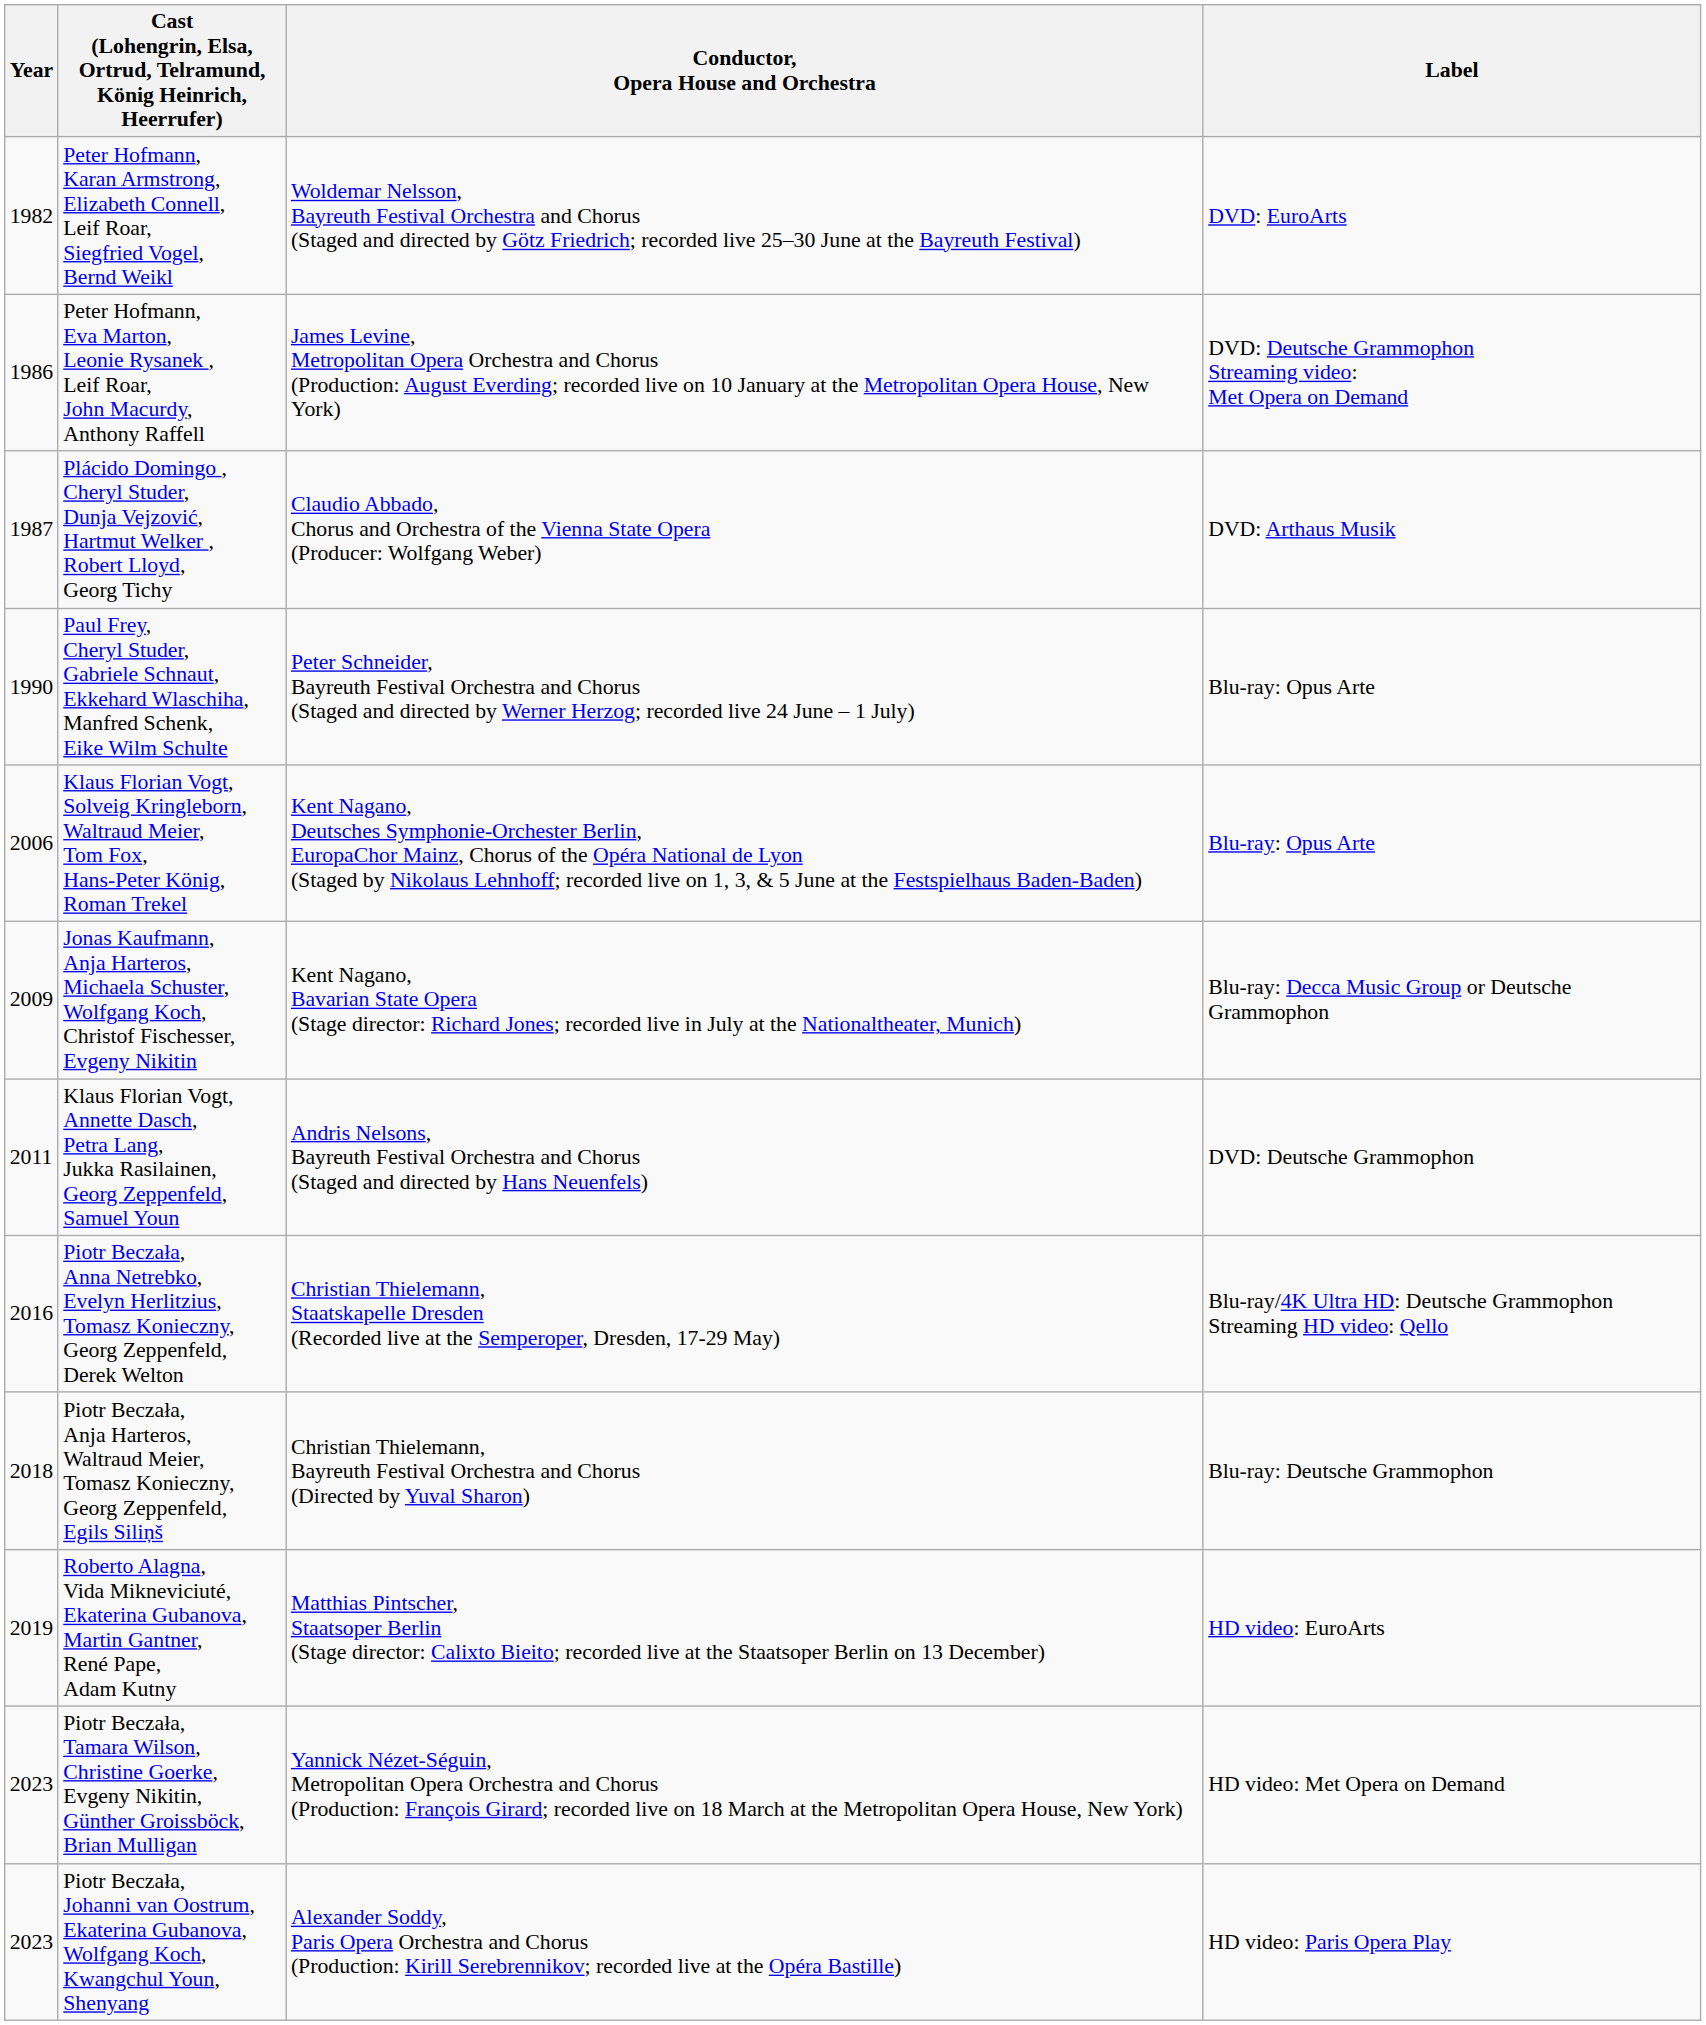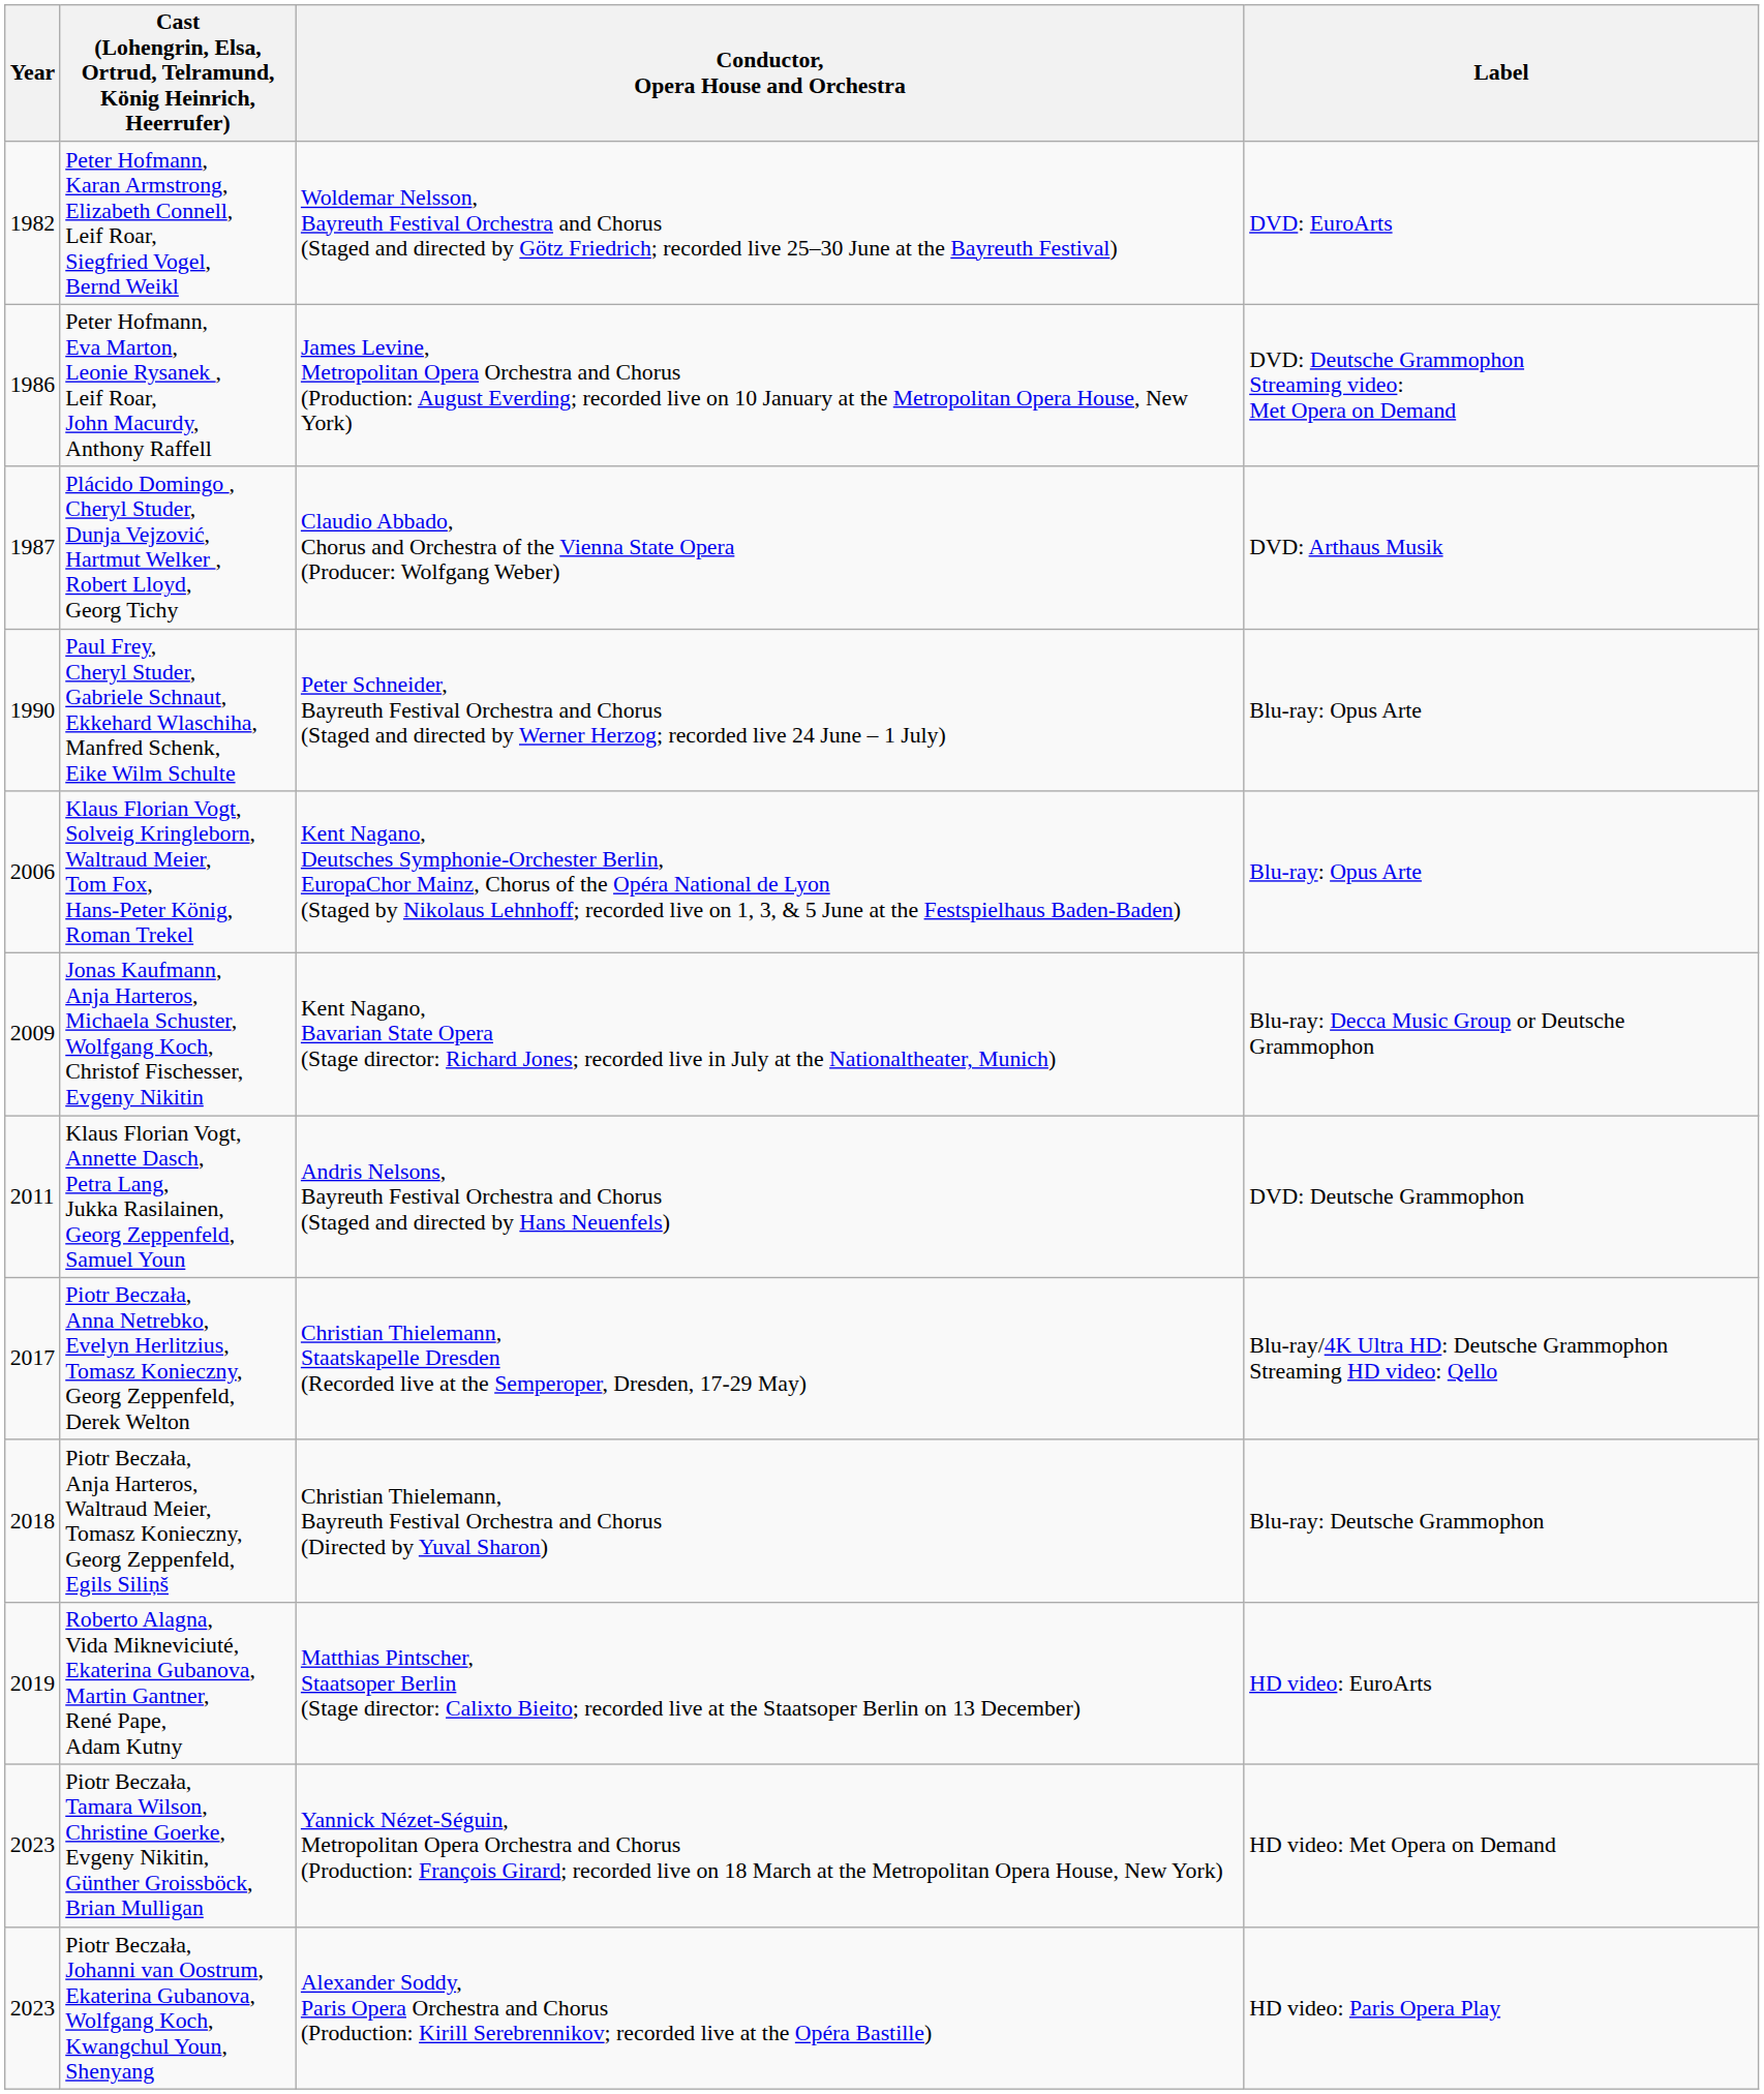 <table class="wikitable">
 <tr>
 <th>Year</th>
 <th Width="160">Cast <br>(Lohengrin, Elsa,<br>Ortrud, Telramund,<br>König Heinrich, Heerrufer)</th>
 <th>Conductor,<br>Opera House and Orchestra</th>
 <th>Label</th>
 </tr>
 <tr>
 <td>1982</td>
 <td><a href='#'>Peter Hofmann</a>,<br><a href='#'>Karan Armstrong</a>,<br><a href='#'>Elizabeth Connell</a>,<br>Leif Roar,<br><a href='#'>Siegfried Vogel</a>,<br><a href='#'>Bernd Weikl</a></td>
 <td><a href='#'>Woldemar Nelsson</a>,<br><a href='#'>Bayreuth Festival Orchestra</a> and Chorus<br>(Staged and directed by <a href='#'>Götz Friedrich</a>; recorded live 25–30 June at the <a href='#'>Bayreuth Festival</a>)</td>
 <td><a href='#'>DVD</a>: <a href='#'>EuroArts</a></td>
 </tr>
 <tr>
 <td>1986</td>
 <td>Peter Hofmann,<br><a href='#'>Eva Marton</a>,<br><a href='#'>Leonie Rysanek </a>,<br>Leif Roar,<br><a href='#'>John Macurdy</a>,<br>Anthony Raffell</td>
 <td><a href='#'>James Levine</a>,<br><a href='#'>Metropolitan Opera</a> Orchestra and Chorus<br>(Production: <a href='#'>August Everding</a>; recorded live on 10 January at the <a href='#'>Metropolitan Opera House</a>, New York)</td>
 <td>DVD: <a href='#'>Deutsche Grammophon</a><br><a href='#'>Streaming video</a>:<br> <a href='#'>Met Opera on Demand</a></td>
 </tr>
 <tr>
 <td>1987</td>
 <td><a href='#'>Plácido Domingo </a>,<br><a href='#'>Cheryl Studer</a>,<br><a href='#'>Dunja Vejzović</a>,<br><a href='#'>Hartmut Welker </a>,<br><a href='#'>Robert Lloyd</a>,<br>Georg Tichy</td>
 <td><a href='#'>Claudio Abbado</a>,<br>Chorus and Orchestra of the <a href='#'>Vienna State Opera</a><br>(Producer: Wolfgang Weber)</td>
 <td>DVD: <a href='#'>Arthaus Musik</a></td>
 </tr>
 <tr>
 <td>1990</td>
 <td><a href='#'>Paul Frey</a>,<br><a href='#'>Cheryl Studer</a>,<br><a href='#'>Gabriele Schnaut</a>,<br><a href='#'>Ekkehard Wlaschiha</a>,<br>Manfred Schenk,<br><a href='#'>Eike Wilm Schulte</a></td>
 <td><a href='#'>Peter Schneider</a>,<br>Bayreuth Festival Orchestra and Chorus<br>(Staged and directed by <a href='#'>Werner Herzog</a>; recorded live 24 June – 1 July)</td>
 <td>Blu-ray: Opus Arte</td>
 </tr>
 <tr>
 <td>2006</td>
 <td><a href='#'>Klaus Florian Vogt</a>,<br><a href='#'>Solveig Kringleborn</a>,<br><a href='#'>Waltraud Meier</a>,<br><a href='#'>Tom Fox</a>,<br><a href='#'>Hans-Peter König</a>,<br><a href='#'>Roman Trekel</a></td>
 <td><a href='#'>Kent Nagano</a>,<br><a href='#'>Deutsches Symphonie-Orchester Berlin</a>,<br><a href='#'>EuropaChor Mainz</a>, Chorus of the <a href='#'>Opéra National de Lyon</a><br>(Staged by <a href='#'>Nikolaus Lehnhoff</a>; recorded live on 1, 3, & 5 June at the <a href='#'>Festspielhaus Baden-Baden</a>)</td>
 <td><a href='#'>Blu-ray</a>: <a href='#'>Opus Arte</a></td>
 </tr>
 <tr>
 <td>2009</td>
 <td><a href='#'>Jonas Kaufmann</a>,<br><a href='#'>Anja Harteros</a>,<br><a href='#'>Michaela Schuster</a>,<br><a href='#'>Wolfgang Koch</a>,<br>Christof Fischesser,<br><a href='#'>Evgeny Nikitin</a></td>
 <td>Kent Nagano,<br><a href='#'>Bavarian State Opera</a><br>(Stage director: <a href='#'>Richard Jones</a>; recorded live in July at the <a href='#'>Nationaltheater, Munich</a>)</td>
 <td>Blu-ray: <a href='#'>Decca Music Group</a> or Deutsche Grammophon</td>
 </tr>
 <tr>
 <td>2011</td>
 <td>Klaus Florian Vogt,<br><a href='#'>Annette Dasch</a>,<br><a href='#'>Petra Lang</a>,<br>Jukka Rasilainen,<br><a href='#'>Georg Zeppenfeld</a>,<br><a href='#'>Samuel Youn</a></td>
 <td><a href='#'>Andris Nelsons</a>,<br>Bayreuth Festival Orchestra and Chorus<br>(Staged and directed by <a href='#'>Hans Neuenfels</a>)</td>
 <td>DVD: Deutsche Grammophon</td>
 </tr>
 <tr>
-<td>2016</td>
+<td>2017</td>
 <td><a href='#'>Piotr Beczała</a>,<br><a href='#'>Anna Netrebko</a>,<br><a href='#'>Evelyn Herlitzius</a>,<br><a href='#'>Tomasz Konieczny</a>,<br>Georg Zeppenfeld,<br>Derek Welton</td>
 <td><a href='#'>Christian Thielemann</a>,<br><a href='#'>Staatskapelle Dresden</a><br>(Recorded live at the <a href='#'>Semperoper</a>, Dresden, 17-29 May)</td>
 <td>Blu-ray/<a href='#'>4K Ultra HD</a>: Deutsche Grammophon<br>Streaming <a href='#'>HD video</a>: <a href='#'>Qello</a></td>
 </tr>
 <tr>
 <td>2018</td>
 <td>Piotr Beczała,<br>Anja Harteros,<br>Waltraud Meier,<br>Tomasz Konieczny,<br>Georg Zeppenfeld,<br><a href='#'>Egils Siliņš</a></td>
 <td>Christian Thielemann,<br>Bayreuth Festival Orchestra and Chorus<br>(Directed by <a href='#'>Yuval Sharon</a>)</td>
 <td>Blu-ray: Deutsche Grammophon</td>
 </tr>
 <tr>
 <td>2019</td>
 <td><a href='#'>Roberto Alagna</a>,<br>Vida Mikneviciuté,<br><a href='#'>Ekaterina Gubanova</a>,<br><a href='#'>Martin Gantner</a>,<br>René Pape,<br>Adam Kutny</td>
 <td><a href='#'>Matthias Pintscher</a>,<br><a href='#'>Staatsoper Berlin</a><br>(Stage director: <a href='#'>Calixto Bieito</a>; recorded live at the Staatsoper Berlin on 13 December)</td>
 <td><a href='#'>HD video</a>: EuroArts</td>
 </tr>
 <tr>
 <td>2023</td>
 <td>Piotr Beczała,<br><a href='#'>Tamara Wilson</a>,<br><a href='#'>Christine Goerke</a>,<br>Evgeny Nikitin,<br><a href='#'>Günther Groissböck</a>,<br><a href='#'>Brian Mulligan</a></td>
 <td><a href='#'>Yannick Nézet-Séguin</a>, <br>Metropolitan Opera Orchestra and Chorus<br>(Production: <a href='#'>François Girard</a>; recorded live on 18 March at the Metropolitan Opera House, New York)</td>
 <td>HD video: Met Opera on Demand</td>
 </tr>
 <tr>
 <td>2023</td>
 <td>Piotr Beczała,<br><a href='#'>Johanni van Oostrum</a>,<br><a href='#'>Ekaterina Gubanova</a>,<br><a href='#'>Wolfgang Koch</a>,<br><a href='#'>Kwangchul Youn</a>,<br><a href='#'>Shenyang</a></td>
 <td><a href='#'>Alexander Soddy</a>, <br><a href='#'>Paris Opera</a> Orchestra and Chorus<br>(Production: <a href='#'>Kirill Serebrennikov</a>; recorded live at the <a href='#'>Opéra Bastille</a>)</td>
 <td>HD video: <a href='#'>Paris Opera Play</a></td>
 </tr>
 </table>
